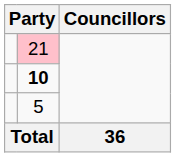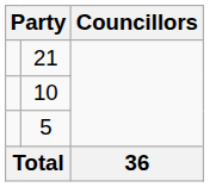 <table class="wikitable">
 <tr>
 <th colspan=2>Party</th>
 <th>Councillors</th>
 </tr>
 <tr>
 <td></td>
-<td align=center style="background: pink;">21</td>
+<td align=center>21</td>
 </tr>
 <tr>
 <td></td>
-<td align=center><strong>10</strong></td>
+<td align=center>10</td>
 </tr>
 <tr>
 <td></td>
 <td align=center>5</td>
 </tr>
 <tr>
 <th colspan=2>Total</th>
 <th align=center>36</th>
 </tr>
 </table>
